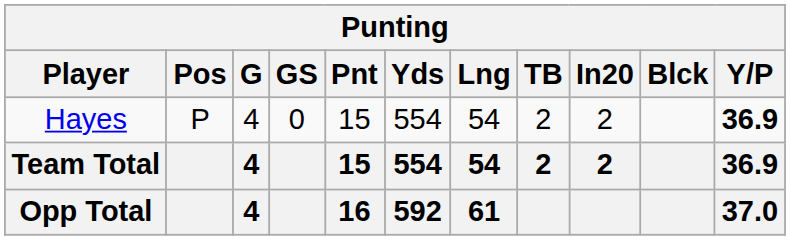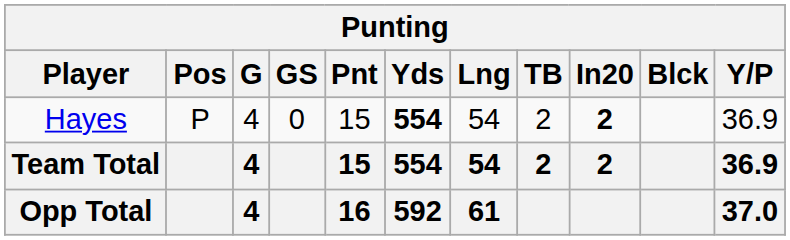 <table class="wikitable" style="text-align:center">
 <tr>
 <th colspan="11">Punting</th>
 </tr>
 <tr>
 <th>Player</th>
 <th>Pos</th>
 <th>G</th>
 <th>GS</th>
 <th>Pnt</th>
 <th>Yds</th>
 <th>Lng</th>
 <th>TB</th>
 <th>In20</th>
 <th>Blck</th>
 <th>Y/P</th>
 </tr>
 <tr>
 <td><a href='#'>Hayes</a></td>
 <td>P</td>
 <td>4</td>
 <td>0</td>
 <td>15</td>
-<td>554</td>
+<td><strong>554</strong></td>
 <td>54</td>
 <td>2</td>
-<td>2</td>
+<td><strong>2</strong></td>
 <td></td>
-<td><strong>36.9</strong></td>
+<td>36.9</td>
 </tr>
 <tr>
 <th>Team Total</th>
 <th></th>
 <th>4</th>
 <th></th>
 <th>15</th>
 <th>554</th>
 <th>54</th>
 <th>2</th>
 <th>2</th>
 <th></th>
 <th>36.9</th>
 </tr>
 <tr>
 <th>Opp Total</th>
 <th></th>
 <th>4</th>
 <th></th>
 <th>16</th>
 <th>592</th>
 <th>61</th>
 <th></th>
 <th></th>
 <th></th>
 <th>37.0</th>
 </tr>
 </table>
